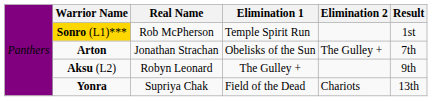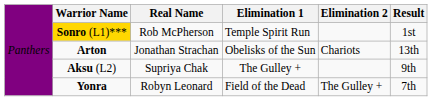 <table class="wikitable">
 <tr>
 <td rowspan="5" bgcolor="purple" style="color:black" width="60" align="center"><em>Panthers</em></td>
 <th>Warrior Name</th>
 <th>Real Name</th>
 <th>Elimination 1</th>
 <th>Elimination 2</th>
 <th>Result</th>
 </tr>
 <tr>
 <td bgcolor="gold" align="center"><strong>Sonro</strong> (L1)***</td>
 <td width="120px" align="center">Rob McPherson</td>
 <td>Temple Spirit Run</td>
 <td></td>
 <td align="center">1st</td>
 </tr>
 <tr>
 <td align="center"><strong>Arton</strong></td>
 <td align="center">Jonathan Strachan</td>
 <td>Obelisks of the Sun</td>
-<td>The Gulley +</td>
-<td align="center">7th</td>
+<td>Chariots</td>
+<td align="center">13th</td>
 </tr>
 <tr>
 <td align="center"><strong>Aksu</strong> (L2)</td>
-<td align="center">Robyn Leonard</td>
+<td align="center">Supriya Chak</td>
 <td align="center">The Gulley +</td>
 <td align="center"></td>
 <td align="center">9th</td>
 </tr>
 <tr>
 <td align="center"><strong>Yonra</strong></td>
-<td align="center">Supriya Chak</td>
+<td align="center">Robyn Leonard</td>
 <td>Field of the Dead</td>
-<td>Chariots</td>
-<td align="center">13th</td>
+<td>The Gulley +</td>
+<td align="center">7th</td>
 </tr>
 </table>
